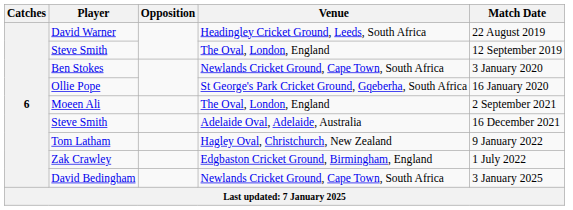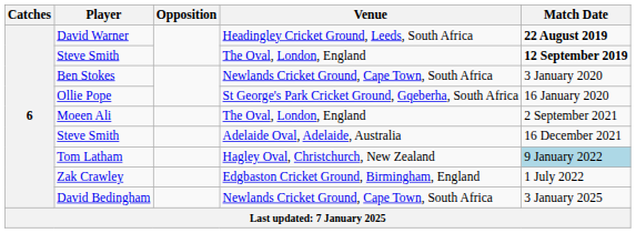 <table class="wikitable sortable">
 <tr>
 <th>Catches</th>
 <th>Player</th>
 <th>Opposition</th>
 <th>Venue</th>
 <th>Match Date</th>
 </tr>
 <tr>
 <th rowspan=9>6</th>
 <td> <a href='#'>David Warner</a></td>
 <td rowspan=2></td>
 <td><a href='#'>Headingley Cricket Ground</a>, <a href='#'>Leeds</a>, South Africa</td>
-<td>22 August 2019</td>
+<td><strong>22 August 2019</strong></td>
 </tr>
 <tr>
 <td> <a href='#'>Steve Smith</a></td>
 <td><a href='#'>The Oval</a>, <a href='#'>London</a>, England</td>
-<td>12 September 2019</td>
+<td><strong>12 September 2019</strong></td>
 </tr>
 <tr>
 <td> <a href='#'>Ben Stokes</a></td>
 <td rowspan=2></td>
 <td><a href='#'>Newlands Cricket Ground</a>, <a href='#'>Cape Town</a>, South Africa</td>
 <td>3 January 2020</td>
 </tr>
 <tr>
 <td> <a href='#'>Ollie Pope</a></td>
 <td><a href='#'>St George's Park Cricket Ground</a>, <a href='#'>Gqeberha</a>, South Africa</td>
 <td>16 January 2020</td>
 </tr>
 <tr>
 <td> <a href='#'>Moeen Ali</a></td>
 <td></td>
 <td><a href='#'>The Oval</a>, <a href='#'>London</a>, England</td>
 <td>2 September 2021</td>
 </tr>
 <tr>
 <td> <a href='#'>Steve Smith</a></td>
 <td></td>
 <td><a href='#'>Adelaide Oval</a>, <a href='#'>Adelaide</a>, Australia</td>
 <td>16 December 2021</td>
 </tr>
 <tr>
 <td> <a href='#'>Tom Latham</a></td>
 <td></td>
 <td><a href='#'>Hagley Oval</a>, <a href='#'>Christchurch</a>, New Zealand</td>
-<td>9 January 2022</td>
+<td style="background: lightblue;">9 January 2022</td>
 </tr>
 <tr>
 <td> <a href='#'>Zak Crawley</a></td>
 <td></td>
 <td><a href='#'>Edgbaston Cricket Ground</a>, <a href='#'>Birmingham</a>, England</td>
 <td>1 July 2022</td>
 </tr>
 <tr>
 <td> <a href='#'>David Bedingham</a></td>
 <td></td>
 <td><a href='#'>Newlands Cricket Ground</a>, <a href='#'>Cape Town</a>, South Africa</td>
 <td>3 January 2025</td>
 </tr>
 <tr class="sortbottom">
 <th colspan="9"><small> Last updated: 7 January 2025</small></th>
 </tr>
 </table>
